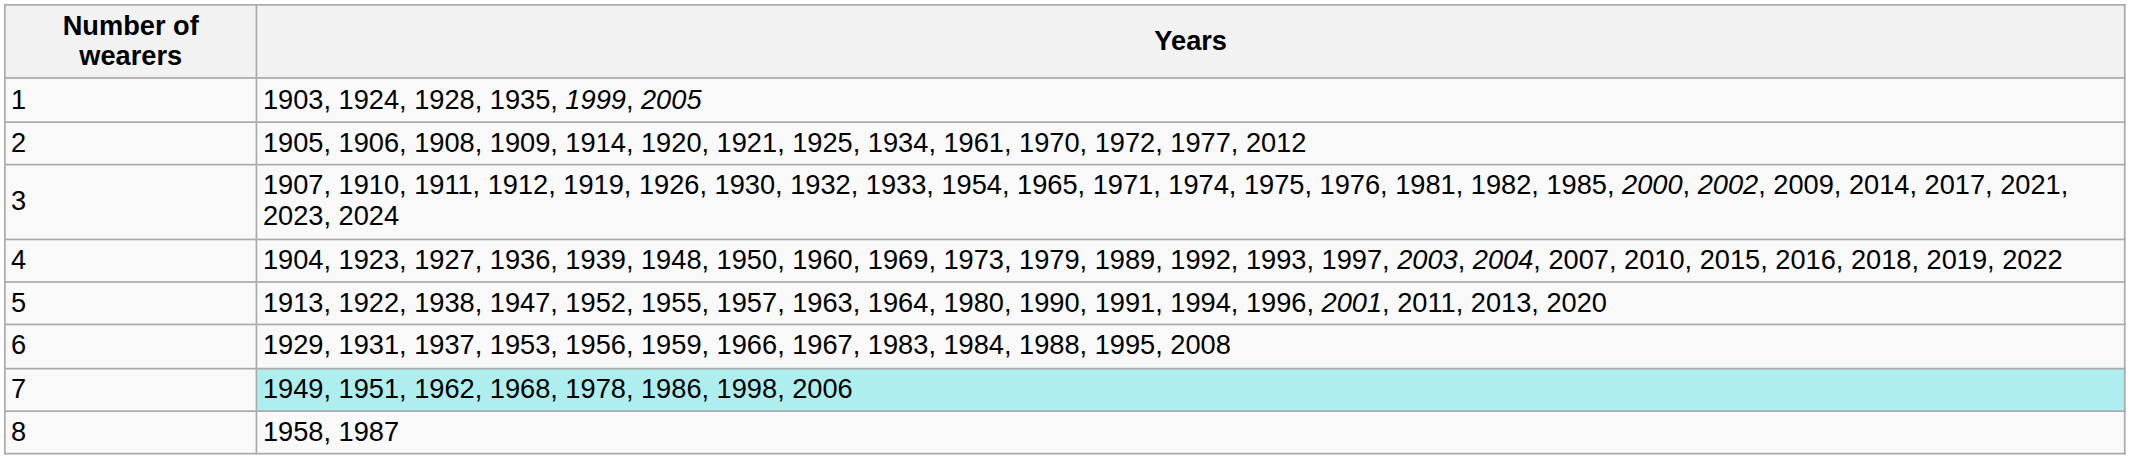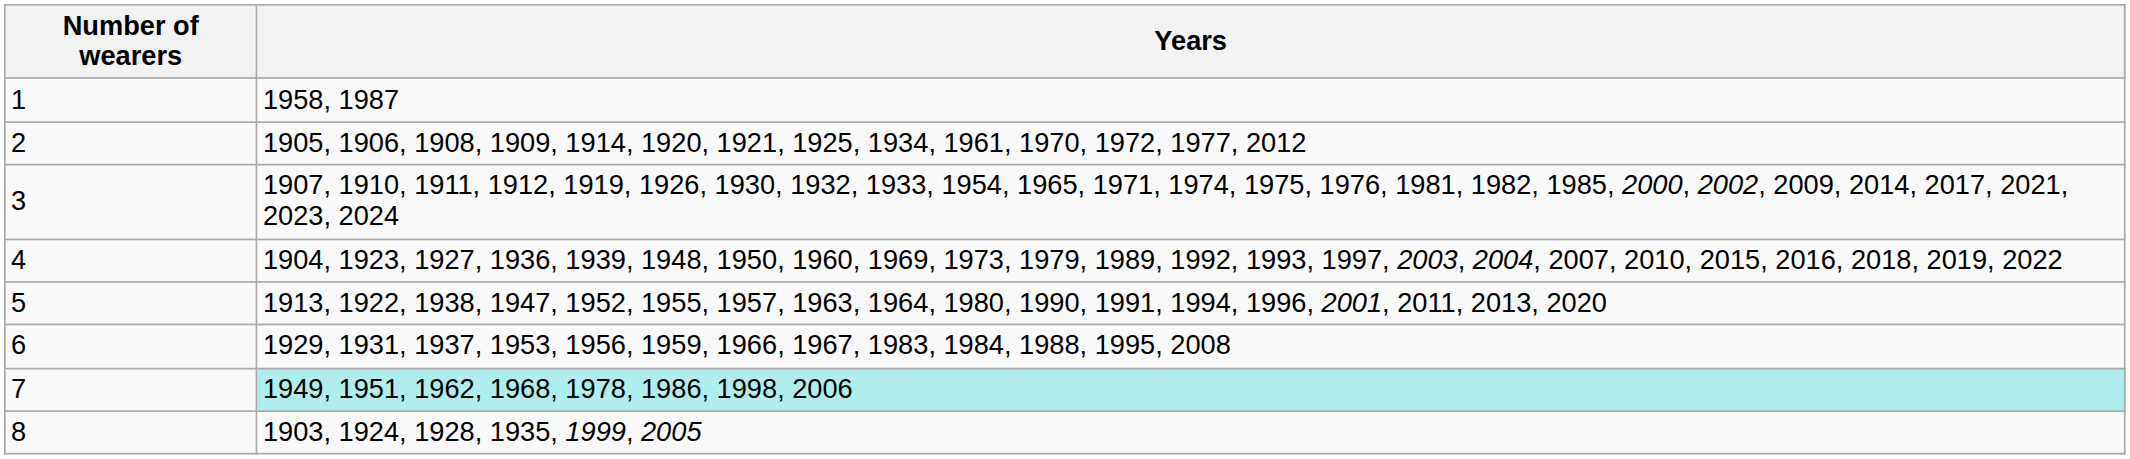 <table class= "wikitable">
 <tr>
 <th>Number of wearers</th>
 <th>Years</th>
 </tr>
 <tr>
 <td>1</td>
-<td>1903, 1924, 1928, 1935, <em>1999</em>, <em>2005</em></td>
+<td>1958, 1987</td>
 </tr>
 <tr>
 <td>2</td>
 <td>1905, 1906, 1908, 1909, 1914, 1920, 1921, 1925, 1934, 1961, 1970, 1972, 1977, 2012</td>
 </tr>
 <tr>
 <td>3</td>
 <td>1907, 1910, 1911, 1912, 1919, 1926, 1930, 1932, 1933, 1954, 1965, 1971, 1974, 1975, 1976, 1981, 1982, 1985, <em>2000</em>, <em>2002</em>, 2009, 2014, 2017, 2021, 2023, 2024</td>
 </tr>
 <tr>
 <td>4</td>
 <td>1904, 1923, 1927, 1936, 1939, 1948, 1950, 1960, 1969, 1973, 1979, 1989, 1992, 1993, 1997, <em>2003</em>, <em>2004</em>, 2007, 2010, 2015, 2016, 2018, 2019, 2022</td>
 </tr>
 <tr>
 <td>5</td>
 <td>1913, 1922, 1938, 1947, 1952, 1955, 1957, 1963, 1964, 1980, 1990, 1991, 1994, 1996, <em>2001</em>, 2011, 2013, 2020</td>
 </tr>
 <tr>
 <td>6</td>
 <td>1929, 1931, 1937, 1953, 1956, 1959, 1966, 1967, 1983, 1984, 1988, 1995, 2008</td>
 </tr>
 <tr>
 <td>7</td>
 <td style="background: paleturquoise;">1949, 1951, 1962, 1968, 1978, 1986, 1998, 2006</td>
 </tr>
 <tr>
 <td>8</td>
-<td>1958, 1987</td>
+<td>1903, 1924, 1928, 1935, <em>1999</em>, <em>2005</em></td>
 </tr>
 </table>
